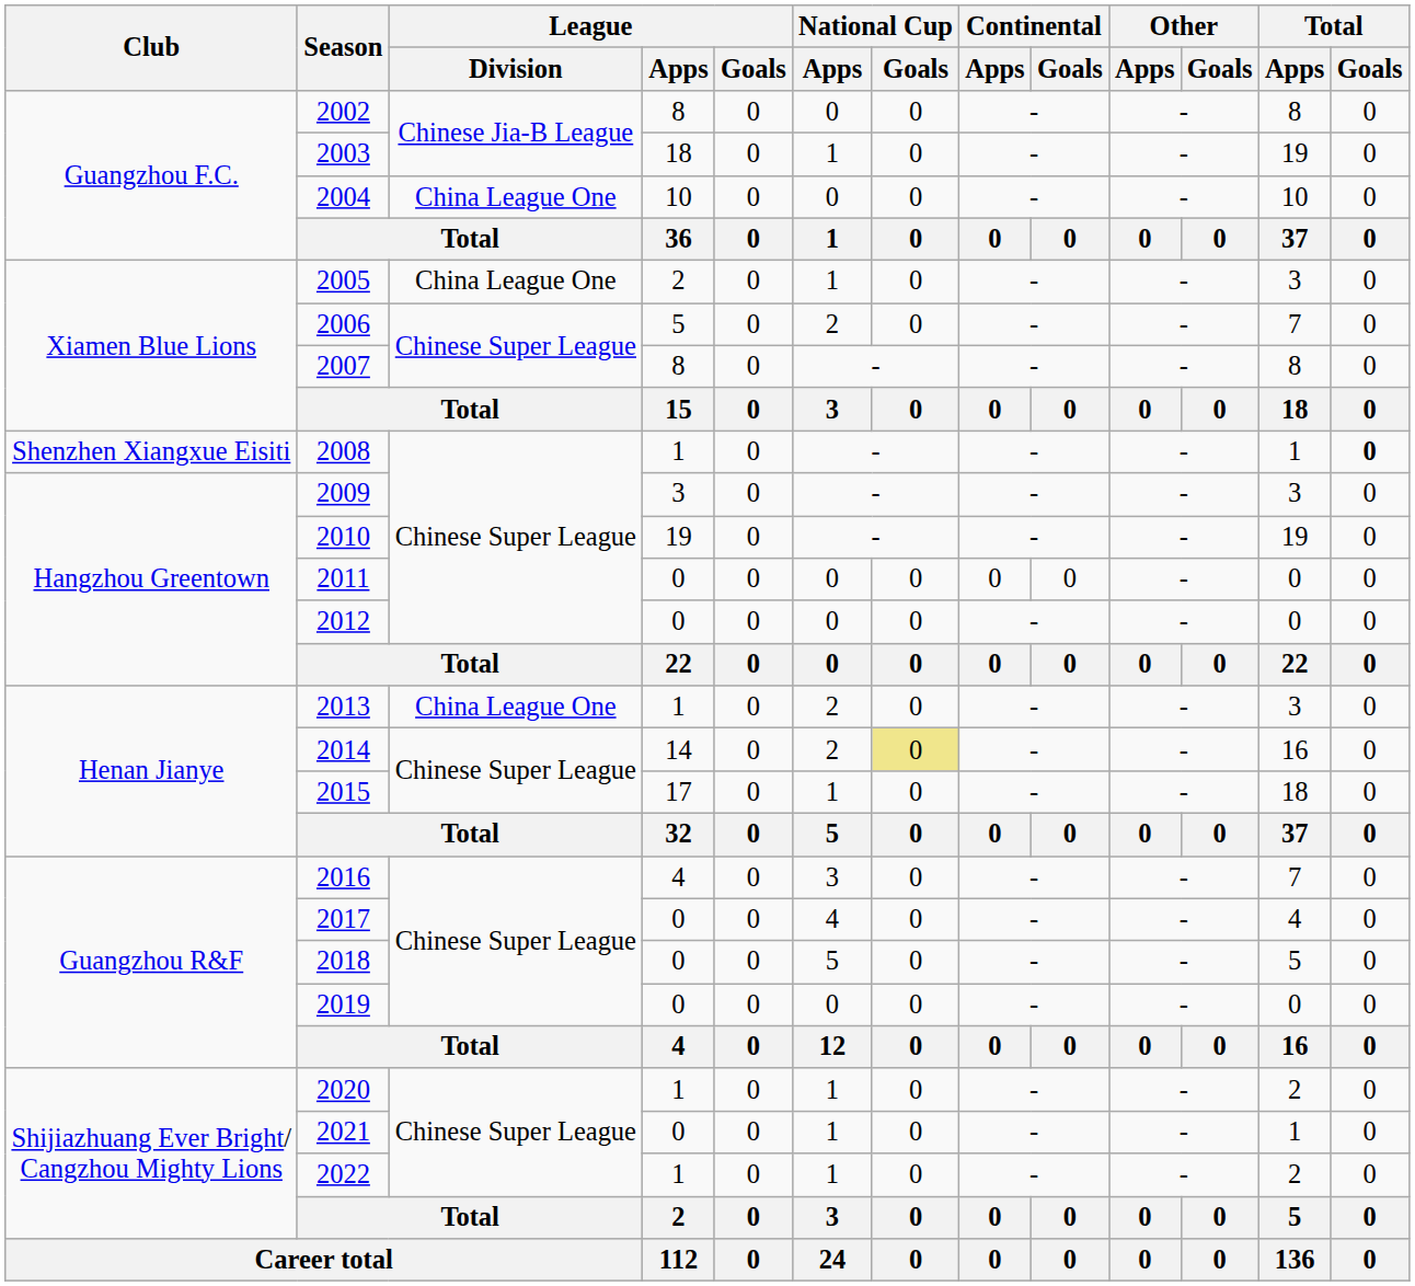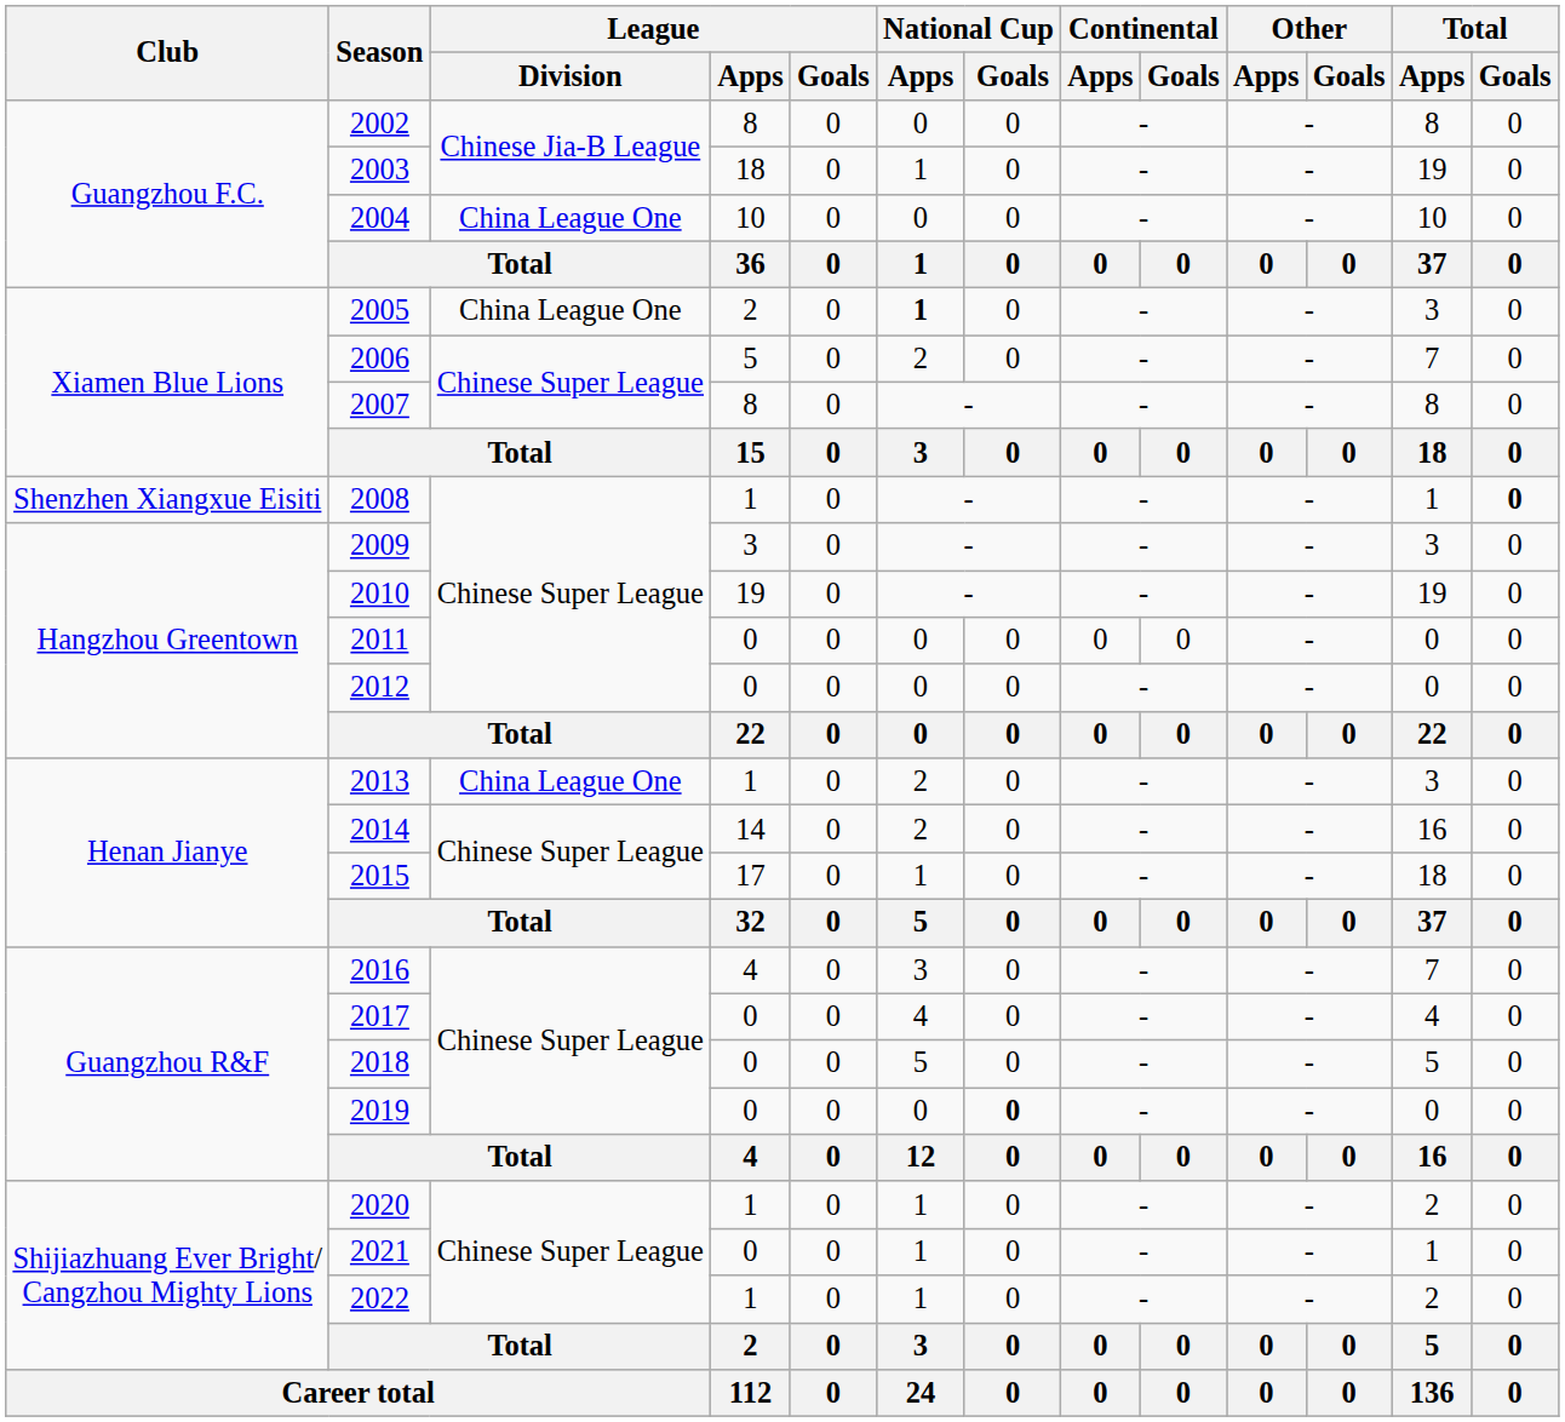 <table class="wikitable" style="text-align: center">
 <tr>
 <th rowspan="2">Club</th>
 <th rowspan="2">Season</th>
 <th colspan="3">League</th>
 <th colspan="2">National Cup</th>
 <th colspan="2">Continental</th>
 <th colspan="2">Other</th>
 <th colspan="2">Total</th>
 </tr>
 <tr>
 <th>Division</th>
 <th>Apps</th>
 <th>Goals</th>
 <th>Apps</th>
 <th>Goals</th>
 <th>Apps</th>
 <th>Goals</th>
 <th>Apps</th>
 <th>Goals</th>
 <th>Apps</th>
 <th>Goals</th>
 </tr>
 <tr>
 <td rowspan=4><a href='#'>Guangzhou F.C.</a></td>
 <td><a href='#'>2002</a></td>
 <td rowspan="2"><a href='#'>Chinese Jia-B League</a></td>
 <td>8</td>
 <td>0</td>
 <td>0</td>
 <td>0</td>
 <td colspan="2">-</td>
 <td colspan="2">-</td>
 <td>8</td>
 <td>0</td>
 </tr>
 <tr>
 <td><a href='#'>2003</a></td>
 <td>18</td>
 <td>0</td>
 <td>1</td>
 <td>0</td>
 <td colspan="2">-</td>
 <td colspan="2">-</td>
 <td>19</td>
 <td>0</td>
 </tr>
 <tr>
 <td><a href='#'>2004</a></td>
 <td><a href='#'>China League One</a></td>
 <td>10</td>
 <td>0</td>
 <td>0</td>
 <td>0</td>
 <td colspan="2">-</td>
 <td colspan="2">-</td>
 <td>10</td>
 <td>0</td>
 </tr>
 <tr>
 <th colspan=2>Total</th>
 <th>36</th>
 <th>0</th>
 <th>1</th>
 <th>0</th>
 <th>0</th>
 <th>0</th>
 <th>0</th>
 <th>0</th>
 <th>37</th>
 <th>0</th>
 </tr>
 <tr>
 <td rowspan=4><a href='#'>Xiamen Blue Lions</a></td>
 <td><a href='#'>2005</a></td>
 <td>China League One</td>
 <td>2</td>
 <td>0</td>
-<td>1</td>
+<td><strong>1</strong></td>
 <td>0</td>
 <td colspan="2">-</td>
 <td colspan="2">-</td>
 <td>3</td>
 <td>0</td>
 </tr>
 <tr>
 <td><a href='#'>2006</a></td>
 <td rowspan=2><a href='#'>Chinese Super League</a></td>
 <td>5</td>
 <td>0</td>
 <td>2</td>
 <td>0</td>
 <td colspan="2">-</td>
 <td colspan="2">-</td>
 <td>7</td>
 <td>0</td>
 </tr>
 <tr>
 <td><a href='#'>2007</a></td>
 <td>8</td>
 <td>0</td>
 <td colspan="2">-</td>
 <td colspan="2">-</td>
 <td colspan="2">-</td>
 <td>8</td>
 <td>0</td>
 </tr>
 <tr>
 <th colspan=2>Total</th>
 <th>15</th>
 <th>0</th>
 <th>3</th>
 <th>0</th>
 <th>0</th>
 <th>0</th>
 <th>0</th>
 <th>0</th>
 <th>18</th>
 <th>0</th>
 </tr>
 <tr>
 <td><a href='#'>Shenzhen Xiangxue Eisiti</a></td>
 <td><a href='#'>2008</a></td>
 <td rowspan=5>Chinese Super League</td>
 <td>1</td>
 <td>0</td>
 <td colspan="2">-</td>
 <td colspan="2">-</td>
 <td colspan="2">-</td>
 <td>1</td>
 <td><strong>0</strong></td>
 </tr>
 <tr>
 <td rowspan=5><a href='#'>Hangzhou Greentown</a></td>
 <td><a href='#'>2009</a></td>
 <td>3</td>
 <td>0</td>
 <td colspan="2">-</td>
 <td colspan="2">-</td>
 <td colspan="2">-</td>
 <td>3</td>
 <td>0</td>
 </tr>
 <tr>
 <td><a href='#'>2010</a></td>
 <td>19</td>
 <td>0</td>
 <td colspan="2">-</td>
 <td colspan="2">-</td>
 <td colspan="2">-</td>
 <td>19</td>
 <td>0</td>
 </tr>
 <tr>
 <td><a href='#'>2011</a></td>
 <td>0</td>
 <td>0</td>
 <td>0</td>
 <td>0</td>
 <td>0</td>
 <td>0</td>
 <td colspan="2">-</td>
 <td>0</td>
 <td>0</td>
 </tr>
 <tr>
 <td><a href='#'>2012</a></td>
 <td>0</td>
 <td>0</td>
 <td>0</td>
 <td>0</td>
 <td colspan="2">-</td>
 <td colspan="2">-</td>
 <td>0</td>
 <td>0</td>
 </tr>
 <tr>
 <th colspan=2>Total</th>
 <th>22</th>
 <th>0</th>
 <th>0</th>
 <th>0</th>
 <th>0</th>
 <th>0</th>
 <th>0</th>
 <th>0</th>
 <th>22</th>
 <th>0</th>
 </tr>
 <tr>
 <td rowspan=4><a href='#'>Henan Jianye</a></td>
 <td><a href='#'>2013</a></td>
 <td><a href='#'>China League One</a></td>
 <td>1</td>
 <td>0</td>
 <td>2</td>
 <td>0</td>
 <td colspan="2">-</td>
 <td colspan="2">-</td>
 <td>3</td>
 <td>0</td>
 </tr>
 <tr>
 <td><a href='#'>2014</a></td>
 <td rowspan=2>Chinese Super League</td>
 <td>14</td>
 <td>0</td>
 <td>2</td>
-<td style="background: khaki;">0</td>
+<td>0</td>
 <td colspan="2">-</td>
 <td colspan="2">-</td>
 <td>16</td>
 <td>0</td>
 </tr>
 <tr>
 <td><a href='#'>2015</a></td>
 <td>17</td>
 <td>0</td>
 <td>1</td>
 <td>0</td>
 <td colspan="2">-</td>
 <td colspan="2">-</td>
 <td>18</td>
 <td>0</td>
 </tr>
 <tr>
 <th colspan=2>Total</th>
 <th>32</th>
 <th>0</th>
 <th>5</th>
 <th>0</th>
 <th>0</th>
 <th>0</th>
 <th>0</th>
 <th>0</th>
 <th>37</th>
 <th>0</th>
 </tr>
 <tr>
 <td rowspan=5><a href='#'>Guangzhou R&F</a></td>
 <td><a href='#'>2016</a></td>
 <td rowspan=4>Chinese Super League</td>
 <td>4</td>
 <td>0</td>
 <td>3</td>
 <td>0</td>
 <td colspan="2">-</td>
 <td colspan="2">-</td>
 <td>7</td>
 <td>0</td>
 </tr>
 <tr>
 <td><a href='#'>2017</a></td>
 <td>0</td>
 <td>0</td>
 <td>4</td>
 <td>0</td>
 <td colspan="2">-</td>
 <td colspan="2">-</td>
 <td>4</td>
 <td>0</td>
 </tr>
 <tr>
 <td><a href='#'>2018</a></td>
 <td>0</td>
 <td>0</td>
 <td>5</td>
 <td>0</td>
 <td colspan="2">-</td>
 <td colspan="2">-</td>
 <td>5</td>
 <td>0</td>
 </tr>
 <tr>
 <td><a href='#'>2019</a></td>
 <td>0</td>
 <td>0</td>
 <td>0</td>
-<td>0</td>
+<td><strong>0</strong></td>
 <td colspan="2">-</td>
 <td colspan="2">-</td>
 <td>0</td>
 <td>0</td>
 </tr>
 <tr>
 <th colspan=2>Total</th>
 <th>4</th>
 <th>0</th>
 <th>12</th>
 <th>0</th>
 <th>0</th>
 <th>0</th>
 <th>0</th>
 <th>0</th>
 <th>16</th>
 <th>0</th>
 </tr>
 <tr>
 <td rowspan=4><a href='#'>Shijiazhuang Ever Bright</a>/<br><a href='#'>Cangzhou Mighty Lions</a></td>
 <td><a href='#'>2020</a></td>
 <td rowspan=3>Chinese Super League</td>
 <td>1</td>
 <td>0</td>
 <td>1</td>
 <td>0</td>
 <td colspan="2">-</td>
 <td colspan="2">-</td>
 <td>2</td>
 <td>0</td>
 </tr>
 <tr>
 <td><a href='#'>2021</a></td>
 <td>0</td>
 <td>0</td>
 <td>1</td>
 <td>0</td>
 <td colspan="2">-</td>
 <td colspan="2">-</td>
 <td>1</td>
 <td>0</td>
 </tr>
 <tr>
 <td><a href='#'>2022</a></td>
 <td>1</td>
 <td>0</td>
 <td>1</td>
 <td>0</td>
 <td colspan="2">-</td>
 <td colspan="2">-</td>
 <td>2</td>
 <td>0</td>
 </tr>
 <tr>
 <th colspan=2>Total</th>
 <th>2</th>
 <th>0</th>
 <th>3</th>
 <th>0</th>
 <th>0</th>
 <th>0</th>
 <th>0</th>
 <th>0</th>
 <th>5</th>
 <th>0</th>
 </tr>
 <tr>
 <th colspan=3>Career total</th>
 <th>112</th>
 <th>0</th>
 <th>24</th>
 <th>0</th>
 <th>0</th>
 <th>0</th>
 <th>0</th>
 <th>0</th>
 <th>136</th>
 <th>0</th>
 </tr>
 </table>
